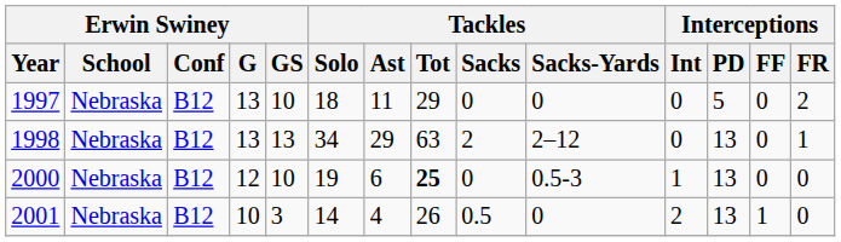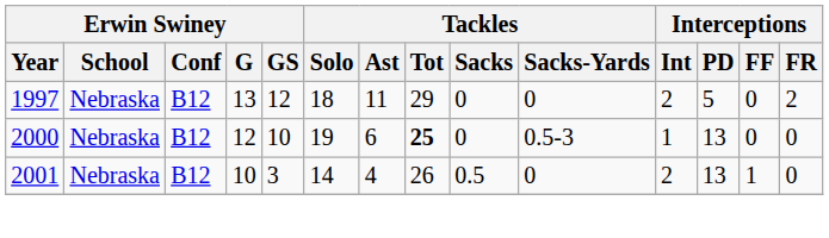 <table class="wikitable">
 <tr>
 <th colspan="5" style="text-align: center; font-weight:bold;">Erwin Swiney</th>
 <th colspan="5" style="text-align: center; font-weight:bold;">Tackles</th>
 <th colspan="4" style="text-align: center; font-weight:bold;">Interceptions</th>
 </tr>
 <tr>
 <th style="font-weight:bold;" style=>Year</th>
 <th style="font-weight:bold;" style=>School</th>
 <th style="font-weight:bold;" style=>Conf</th>
 <th style="font-weight:bold;" style=>G</th>
 <th style="font-weight:bold;" style=>GS</th>
 <th style="font-weight:bold;" style=>Solo</th>
 <th style="font-weight:bold;" style=>Ast</th>
 <th style="font-weight:bold;" style=>Tot</th>
 <th style="font-weight:bold;" style=>Sacks</th>
 <th style="font-weight:bold;" style=>Sacks-Yards</th>
 <th style="font-weight:bold;" style=>Int</th>
 <th style="font-weight:bold;" style=>PD</th>
 <th style="font-weight:bold;" style=>FF</th>
 <th style="font-weight:bold;" style=>FR</th>
 </tr>
 <tr>
 <td><a href='#'>1997</a></td>
 <td><a href='#'>Nebraska</a></td>
 <td><a href='#'>B12</a></td>
 <td>13</td>
-<td>10</td>
+<td>12</td>
 <td>18</td>
 <td>11</td>
 <td>29</td>
 <td>0</td>
 <td>0</td>
-<td>0</td>
+<td>2</td>
 <td>5</td>
 <td>0</td>
 <td>2</td>
-</tr>
-<tr>
-<td><a href='#'>1998</a></td>
-<td><a href='#'>Nebraska</a></td>
-<td><a href='#'>B12</a></td>
-<td>13</td>
-<td>13</td>
-<td>34</td>
-<td>29</td>
-<td>63</td>
-<td>2</td>
-<td>2–12</td>
-<td>0</td>
-<td>13</td>
-<td>0</td>
-<td>1</td>
 </tr>
 <tr>
 <td><a href='#'>2000</a></td>
 <td><a href='#'>Nebraska</a></td>
 <td><a href='#'>B12</a></td>
 <td>12</td>
 <td>10</td>
 <td>19</td>
 <td>6</td>
 <td><strong>25</strong></td>
 <td>0</td>
 <td>0.5-3</td>
 <td>1</td>
 <td>13</td>
 <td>0</td>
 <td>0</td>
 </tr>
 <tr>
 <td><a href='#'>2001</a></td>
 <td><a href='#'>Nebraska</a></td>
 <td><a href='#'>B12</a></td>
 <td>10</td>
 <td>3</td>
 <td>14</td>
 <td>4</td>
 <td>26</td>
 <td>0.5</td>
 <td>0</td>
 <td>2</td>
 <td>13</td>
 <td>1</td>
 <td>0</td>
 </tr>
 <tr>
 </tr>
 </table>
